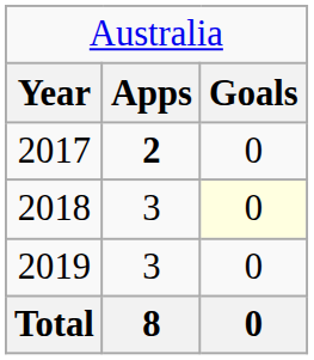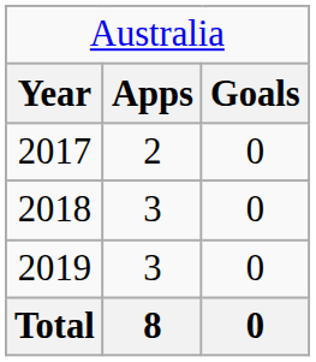 <table class="wikitable" style="text-align:center">
 <tr>
 <td colspan=3><a href='#'>Australia</a></td>
 </tr>
 <tr>
 <th>Year</th>
 <th>Apps</th>
 <th>Goals</th>
 </tr>
 <tr>
 <td>2017</td>
-<td><strong>2</strong></td>
+<td>2</td>
 <td>0</td>
 </tr>
 <tr>
 <td>2018</td>
 <td>3</td>
-<td style="background: lightyellow;">0</td>
+<td>0</td>
 </tr>
 <tr>
 <td>2019</td>
 <td>3</td>
 <td>0</td>
 </tr>
 <tr>
 <th>Total</th>
 <th>8</th>
 <th>0</th>
 </tr>
 </table>
